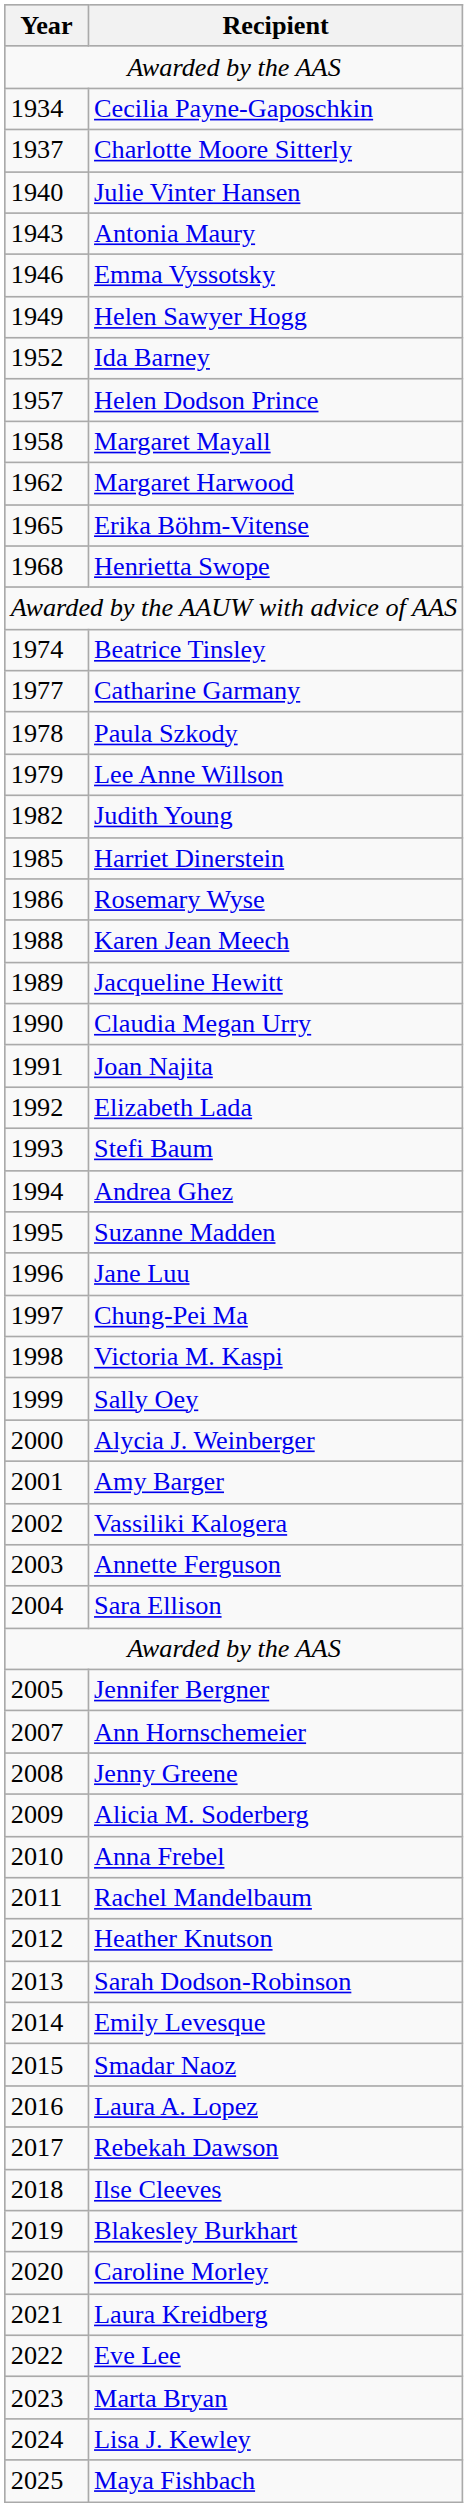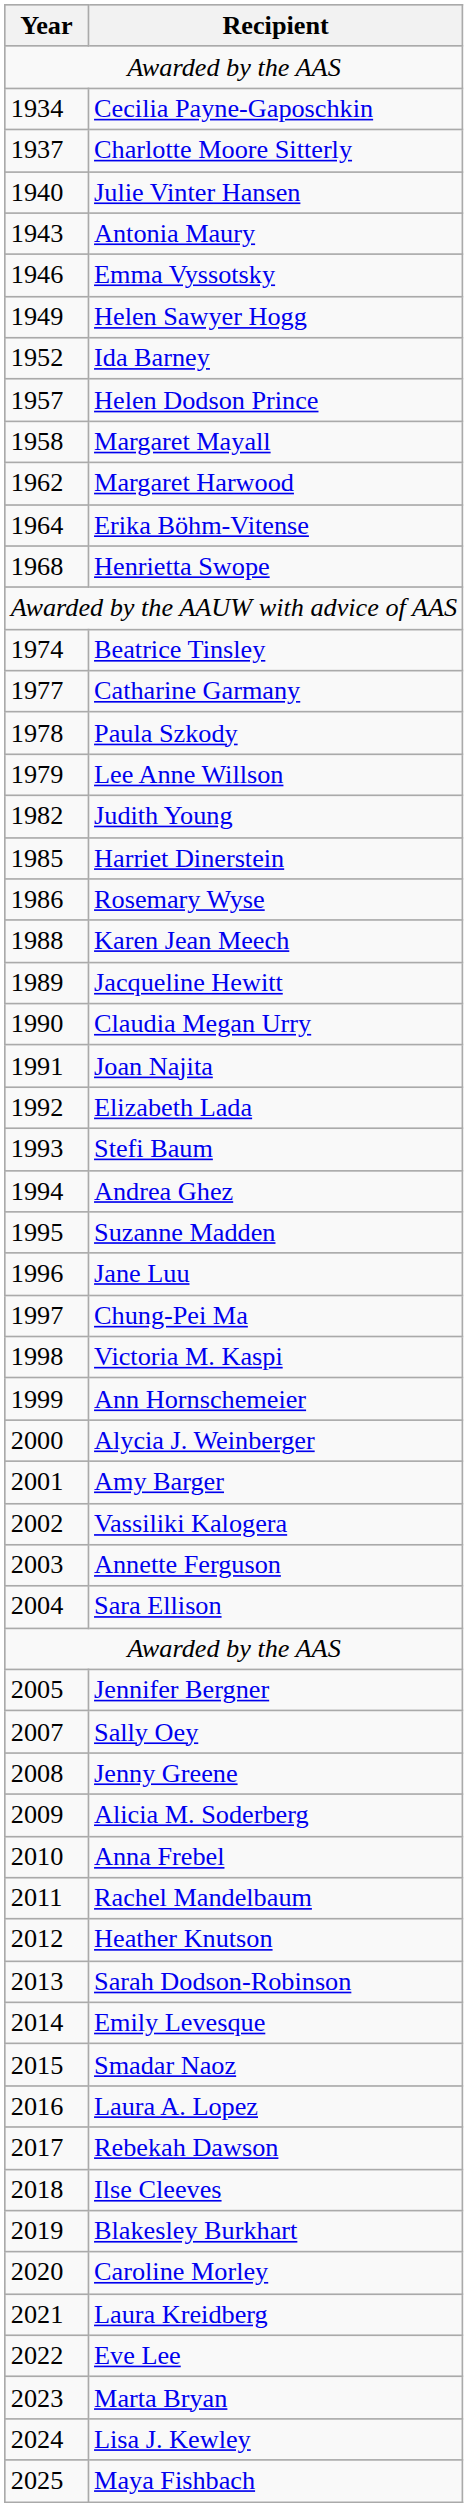 <table class="wikitable">
 <tr ---->
 <th>Year</th>
 <th>Recipient</th>
 </tr>
 <tr ---->
 <td colspan="2" style="text-align:center;"><em>Awarded by the AAS</em></td>
 </tr>
 <tr ---->
 <td>1934</td>
 <td><a href='#'>Cecilia Payne-Gaposchkin</a></td>
 </tr>
 <tr ---->
 <td>1937</td>
 <td><a href='#'>Charlotte Moore Sitterly</a></td>
 </tr>
 <tr ---->
 <td>1940</td>
 <td><a href='#'>Julie Vinter Hansen</a></td>
 </tr>
 <tr ---->
 <td>1943</td>
 <td><a href='#'>Antonia Maury</a></td>
 </tr>
 <tr ---->
 <td>1946</td>
 <td><a href='#'>Emma Vyssotsky</a></td>
 </tr>
 <tr ---->
 <td>1949</td>
 <td><a href='#'>Helen Sawyer Hogg</a></td>
 </tr>
 <tr ---->
 <td>1952</td>
 <td><a href='#'>Ida Barney</a></td>
 </tr>
 <tr ---->
 <td>1957</td>
 <td><a href='#'>Helen Dodson Prince</a></td>
 </tr>
 <tr ---->
 <td>1958</td>
 <td><a href='#'>Margaret Mayall</a></td>
 </tr>
 <tr ---->
 <td>1962</td>
 <td><a href='#'>Margaret Harwood</a></td>
 </tr>
 <tr ---->
-<td>1965</td>
+<td>1964</td>
 <td><a href='#'>Erika Böhm-Vitense</a></td>
 </tr>
 <tr ---->
 <td>1968</td>
 <td><a href='#'>Henrietta Swope</a></td>
 </tr>
 <tr ---->
 <td colspan="2"><em>Awarded by the AAUW with advice of AAS</em></td>
 </tr>
 <tr ---->
 <td>1974</td>
 <td><a href='#'>Beatrice Tinsley</a></td>
 </tr>
 <tr ---->
 <td>1977</td>
 <td><a href='#'>Catharine Garmany</a></td>
 </tr>
 <tr ---->
 <td>1978</td>
 <td><a href='#'>Paula Szkody</a></td>
 </tr>
 <tr ---->
 <td>1979</td>
 <td><a href='#'>Lee Anne Willson</a></td>
 </tr>
 <tr ---->
 <td>1982</td>
 <td><a href='#'>Judith Young</a></td>
 </tr>
 <tr ---->
 <td>1985</td>
 <td><a href='#'>Harriet Dinerstein</a></td>
 </tr>
 <tr ---->
 <td>1986</td>
 <td><a href='#'>Rosemary Wyse</a></td>
 </tr>
 <tr ---->
 <td>1988</td>
 <td><a href='#'>Karen Jean Meech</a></td>
 </tr>
 <tr ---->
 <td>1989</td>
 <td><a href='#'>Jacqueline Hewitt</a></td>
 </tr>
 <tr ---->
 <td>1990</td>
 <td><a href='#'>Claudia Megan Urry</a></td>
 </tr>
 <tr ---->
 <td>1991</td>
 <td><a href='#'>Joan Najita</a></td>
 </tr>
 <tr ---->
 <td>1992</td>
 <td><a href='#'>Elizabeth Lada</a></td>
 </tr>
 <tr ---->
 <td>1993</td>
 <td><a href='#'>Stefi Baum</a></td>
 </tr>
 <tr ---->
 <td>1994</td>
 <td><a href='#'>Andrea Ghez</a></td>
 </tr>
 <tr ---->
 <td>1995</td>
 <td><a href='#'>Suzanne Madden</a></td>
 </tr>
 <tr ---->
 <td>1996</td>
 <td><a href='#'>Jane Luu</a></td>
 </tr>
 <tr ---->
 <td>1997</td>
 <td><a href='#'>Chung-Pei Ma</a></td>
 </tr>
 <tr ---->
 <td>1998</td>
 <td><a href='#'>Victoria M. Kaspi</a></td>
 </tr>
 <tr ---->
 <td>1999</td>
-<td><a href='#'>Sally Oey</a></td>
+<td><a href='#'>Ann Hornschemeier</a></td>
 </tr>
 <tr ---->
 <td>2000</td>
 <td><a href='#'>Alycia J. Weinberger</a></td>
 </tr>
 <tr ---->
 <td>2001</td>
 <td><a href='#'>Amy Barger</a></td>
 </tr>
 <tr ---->
 <td>2002</td>
 <td><a href='#'>Vassiliki Kalogera</a></td>
 </tr>
 <tr ---->
 <td>2003</td>
 <td><a href='#'>Annette Ferguson</a></td>
 </tr>
 <tr ---->
 <td>2004</td>
 <td><a href='#'>Sara Ellison</a></td>
 </tr>
 <tr ---->
 <td colspan="2" style="text-align:center;"><em>Awarded by the AAS</em></td>
 </tr>
 <tr ---->
 <td>2005</td>
 <td><a href='#'>Jennifer Bergner</a></td>
 </tr>
 <tr ---->
 <td>2007</td>
-<td><a href='#'>Ann Hornschemeier</a></td>
+<td><a href='#'>Sally Oey</a></td>
 </tr>
 <tr ---->
 <td>2008</td>
 <td><a href='#'>Jenny Greene</a></td>
 </tr>
 <tr ---->
 <td>2009</td>
 <td><a href='#'>Alicia M. Soderberg</a></td>
 </tr>
 <tr ---->
 <td>2010</td>
 <td><a href='#'>Anna Frebel</a></td>
 </tr>
 <tr ---->
 <td>2011</td>
 <td><a href='#'>Rachel Mandelbaum</a></td>
 </tr>
 <tr ---->
 <td>2012</td>
 <td><a href='#'>Heather Knutson</a></td>
 </tr>
 <tr ---->
 <td>2013</td>
 <td><a href='#'>Sarah Dodson-Robinson</a></td>
 </tr>
 <tr ---->
 <td>2014</td>
 <td><a href='#'>Emily Levesque</a></td>
 </tr>
 <tr ---->
 <td>2015</td>
 <td><a href='#'>Smadar Naoz</a></td>
 </tr>
 <tr ---->
 <td>2016</td>
 <td><a href='#'>Laura A. Lopez</a></td>
 </tr>
 <tr ---->
 <td>2017</td>
 <td><a href='#'>Rebekah Dawson</a></td>
 </tr>
 <tr ---->
 <td>2018</td>
 <td><a href='#'>Ilse Cleeves</a></td>
 </tr>
 <tr ---->
 <td>2019</td>
 <td><a href='#'>Blakesley Burkhart</a></td>
 </tr>
 <tr ---->
 <td>2020</td>
 <td><a href='#'>Caroline Morley</a></td>
 </tr>
 <tr ---->
 <td>2021</td>
 <td><a href='#'>Laura Kreidberg</a></td>
 </tr>
 <tr ---->
 <td>2022</td>
 <td><a href='#'>Eve Lee</a></td>
 </tr>
 <tr ---->
 <td>2023</td>
 <td><a href='#'>Marta Bryan</a></td>
 </tr>
 <tr ---->
 <td>2024</td>
 <td><a href='#'>Lisa J. Kewley</a></td>
 </tr>
 <tr ---->
 <td>2025</td>
 <td><a href='#'>Maya Fishbach</a></td>
 </tr>
 <tr>
 </tr>
 </table>
